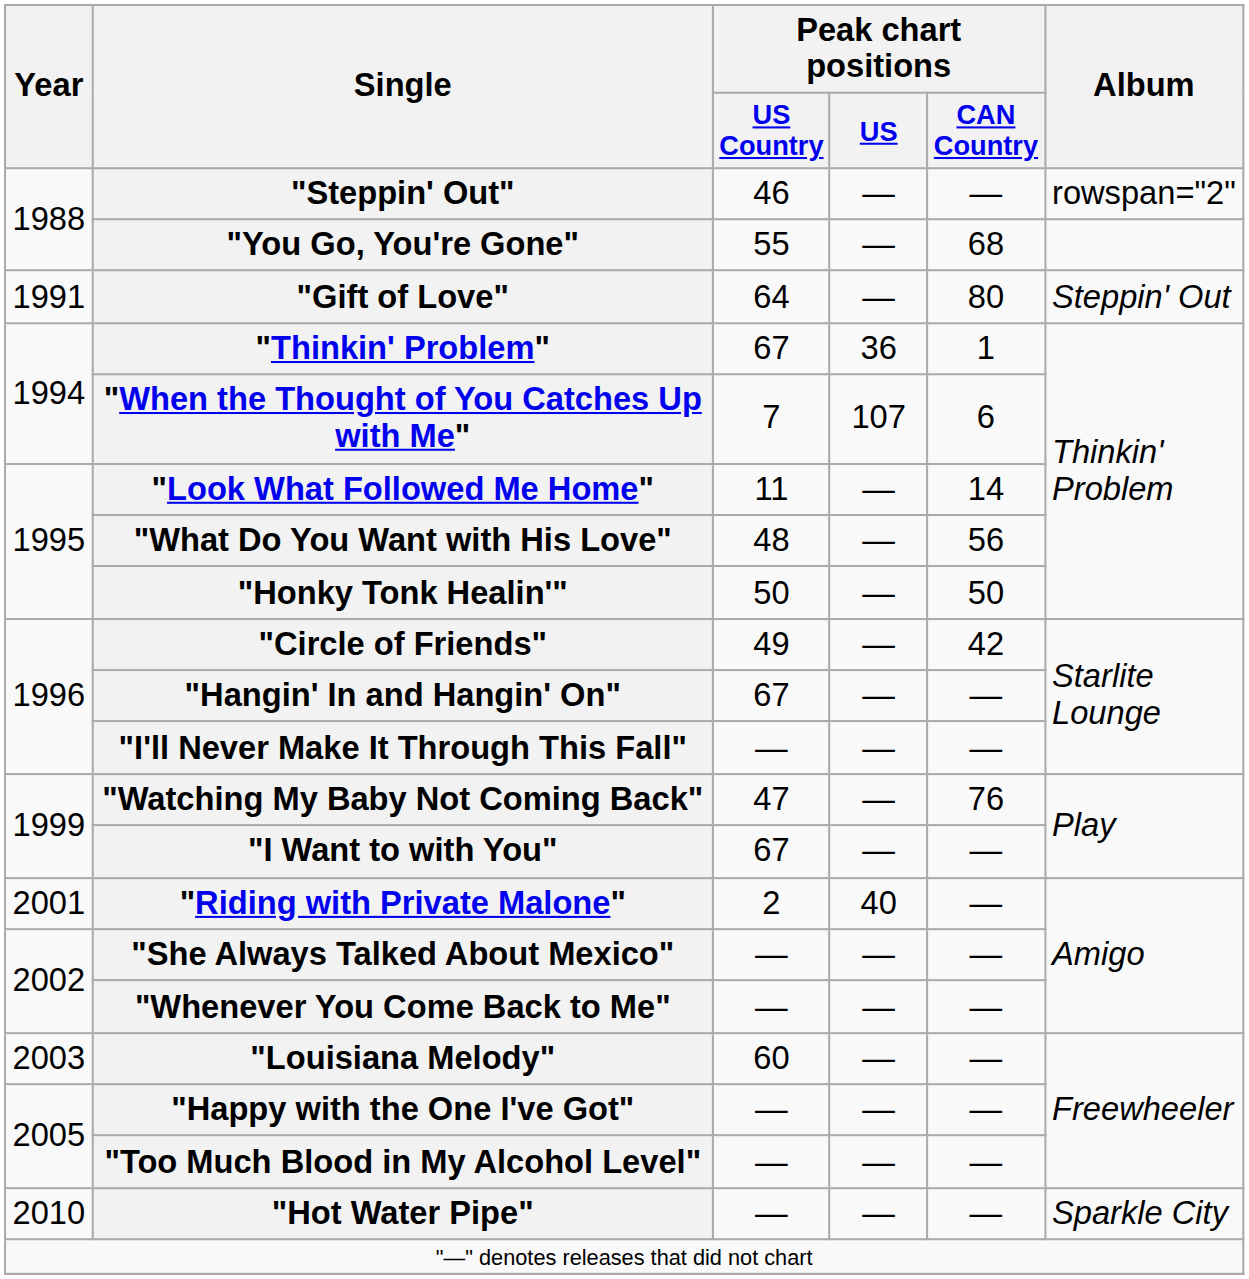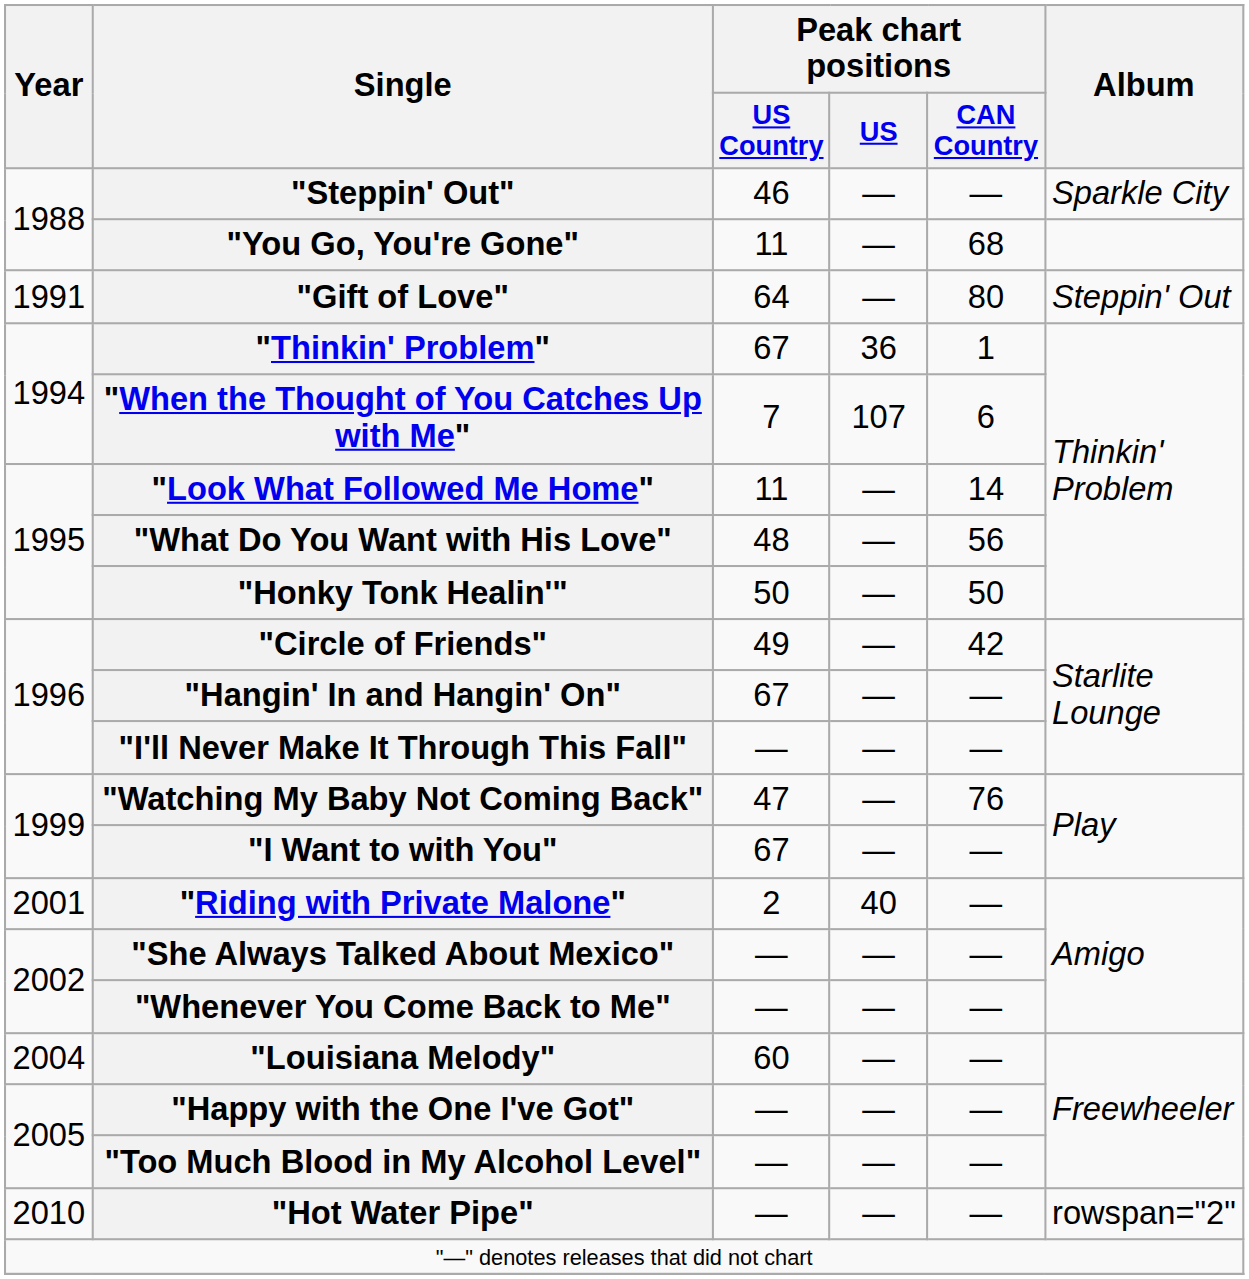 <table class="wikitable plainrowheaders" style="text-align:center;">
 <tr>
 <th rowspan="2">Year</th>
 <th rowspan="2" style="width:22em;">Single</th>
 <th colspan="3">Peak chart positions</th>
 <th rowspan="2">Album</th>
 </tr>
 <tr style="font-size:smaller;">
 <th width="45"><a href='#'>US Country</a><br></th>
 <th width="45"><a href='#'>US</a><br></th>
 <th width="45"><a href='#'>CAN Country</a><br></th>
 </tr>
 <tr>
 <td rowspan="2">1988</td>
 <th scope="row">"Steppin' Out"</th>
 <td>46</td>
 <td>—</td>
 <td>—</td>
-<td>rowspan="2" </td>
+<td align="left"><em>Sparkle City</em></td>
 </tr>
 <tr>
 <th scope="row">"You Go, You're Gone"</th>
-<td>55</td>
+<td>11</td>
 <td>—</td>
 <td>68</td>
 </tr>
 <tr>
 <td>1991</td>
 <th scope="row">"Gift of Love"</th>
 <td>64</td>
 <td>—</td>
 <td>80</td>
 <td align="left"><em>Steppin' Out</em></td>
 </tr>
 <tr>
 <td rowspan="2">1994</td>
 <th scope="row">"<a href='#'>Thinkin' Problem</a>"</th>
 <td>67</td>
 <td>36</td>
 <td>1</td>
 <td align="left" rowspan="5"><em>Thinkin' Problem</em></td>
 </tr>
 <tr>
 <th scope="row">"<a href='#'>When the Thought of You Catches Up with Me</a>"</th>
 <td>7</td>
 <td>107</td>
 <td>6</td>
 </tr>
 <tr>
 <td rowspan="3">1995</td>
 <th scope="row">"<a href='#'>Look What Followed Me Home</a>"</th>
 <td>11</td>
 <td>—</td>
 <td>14</td>
 </tr>
 <tr>
 <th scope="row">"What Do You Want with His Love"</th>
 <td>48</td>
 <td>—</td>
 <td>56</td>
 </tr>
 <tr>
 <th scope="row">"Honky Tonk Healin'"</th>
 <td>50</td>
 <td>—</td>
 <td>50</td>
 </tr>
 <tr>
 <td rowspan="3">1996</td>
 <th scope="row">"Circle of Friends"</th>
 <td>49</td>
 <td>—</td>
 <td>42</td>
 <td align="left" rowspan="3"><em>Starlite Lounge</em></td>
 </tr>
 <tr>
 <th scope="row">"Hangin' In and Hangin' On"</th>
 <td>67</td>
 <td>—</td>
 <td>—</td>
 </tr>
 <tr>
 <th scope="row">"I'll Never Make It Through This Fall"</th>
 <td>—</td>
 <td>—</td>
 <td>—</td>
 </tr>
 <tr>
 <td rowspan="2">1999</td>
 <th scope="row">"Watching My Baby Not Coming Back"</th>
 <td>47</td>
 <td>—</td>
 <td>76</td>
 <td align="left" rowspan="2"><em>Play</em></td>
 </tr>
 <tr>
 <th scope="row">"I Want to with You"</th>
 <td>67</td>
 <td>—</td>
 <td>—</td>
 </tr>
 <tr>
 <td>2001</td>
 <th scope="row">"<a href='#'>Riding with Private Malone</a>"</th>
 <td>2</td>
 <td>40</td>
 <td>—</td>
 <td align="left" rowspan="3"><em>Amigo</em></td>
 </tr>
 <tr>
 <td rowspan="2">2002</td>
 <th scope="row">"She Always Talked About Mexico"</th>
 <td>—</td>
 <td>—</td>
 <td>—</td>
 </tr>
 <tr>
 <th scope="row">"Whenever You Come Back to Me"</th>
 <td>—</td>
 <td>—</td>
 <td>—</td>
 </tr>
 <tr>
-<td>2003</td>
+<td>2004</td>
 <th scope="row">"Louisiana Melody"</th>
 <td>60</td>
 <td>—</td>
 <td>—</td>
 <td align="left" rowspan="3"><em>Freewheeler</em></td>
 </tr>
 <tr>
 <td rowspan="2">2005</td>
 <th scope="row">"Happy with the One I've Got"</th>
 <td>—</td>
 <td>—</td>
 <td>—</td>
 </tr>
 <tr>
 <th scope="row">"Too Much Blood in My Alcohol Level"</th>
 <td>—</td>
 <td>—</td>
 <td>—</td>
 </tr>
 <tr>
 <td>2010</td>
 <th scope="row">"Hot Water Pipe"</th>
 <td>—</td>
 <td>—</td>
 <td>—</td>
-<td align="left"><em>Sparkle City</em></td>
+<td>rowspan="2" </td>
 </tr>
 <tr>
 <td colspan="6" style="font-size:8pt">"—" denotes releases that did not chart</td>
 </tr>
 <tr>
 </tr>
 </table>
